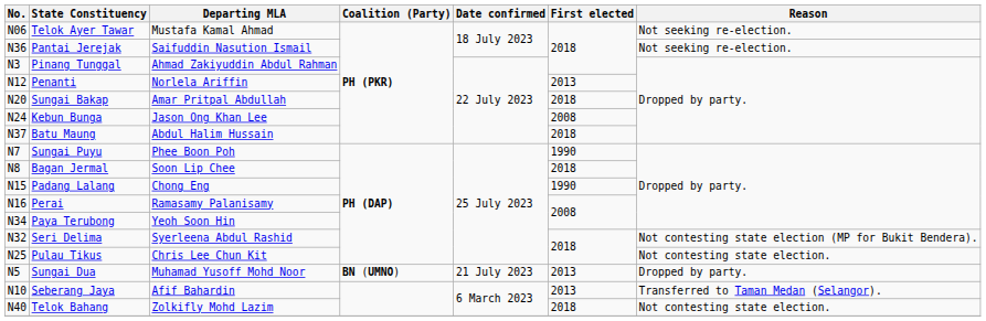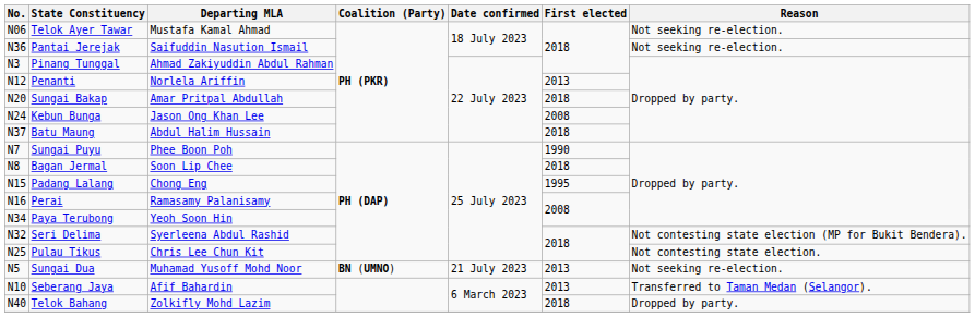 <table class="wikitable">
 <tr>
 <th>No.</th>
 <th>State Constituency</th>
 <th>Departing MLA</th>
 <th>Coalition (Party)</th>
 <th>Date confirmed</th>
 <th>First elected</th>
 <th>Reason</th>
 </tr>
 <tr>
 <td>N06</td>
 <td><a href='#'>Telok Ayer Tawar</a></td>
 <td>Mustafa Kamal Ahmad</td>
 <td rowspan=7><strong>PH (PKR)</strong></td>
 <td rowspan="2">18 July 2023</td>
 <td rowspan=3>2018</td>
 <td>Not seeking re-election.</td>
 </tr>
 <tr>
 <td>N36</td>
 <td><a href='#'>Pantai Jerejak</a></td>
 <td><a href='#'>Saifuddin Nasution Ismail</a></td>
 <td>Not seeking re-election.</td>
 </tr>
 <tr>
 <td>N3</td>
 <td><a href='#'>Pinang Tunggal</a></td>
 <td><a href='#'>Ahmad Zakiyuddin Abdul Rahman</a></td>
 <td rowspan="5">22 July 2023</td>
 <td rowspan="5">Dropped by party.</td>
 </tr>
 <tr>
 <td>N12</td>
 <td><a href='#'>Penanti</a></td>
 <td><a href='#'>Norlela Ariffin</a></td>
 <td>2013</td>
 </tr>
 <tr>
 <td>N20</td>
 <td><a href='#'>Sungai Bakap</a></td>
 <td><a href='#'>Amar Pritpal Abdullah</a></td>
 <td>2018</td>
 </tr>
 <tr>
 <td>N24</td>
 <td><a href='#'>Kebun Bunga</a></td>
 <td><a href='#'>Jason Ong Khan Lee</a></td>
 <td>2008</td>
 </tr>
 <tr>
 <td>N37</td>
 <td><a href='#'>Batu Maung</a></td>
 <td><a href='#'>Abdul Halim Hussain</a></td>
 <td>2018</td>
 </tr>
 <tr>
 <td>N7</td>
 <td><a href='#'>Sungai Puyu</a></td>
 <td><a href='#'>Phee Boon Poh</a></td>
 <td rowspan="7"><strong>PH (DAP)</strong></td>
 <td rowspan="7">25 July 2023</td>
 <td>1990</td>
 <td rowspan="5">Dropped by party.</td>
 </tr>
 <tr>
 <td>N8</td>
 <td><a href='#'>Bagan Jermal</a></td>
 <td><a href='#'>Soon Lip Chee</a></td>
 <td>2018</td>
 </tr>
 <tr>
 <td>N15</td>
 <td><a href='#'>Padang Lalang</a></td>
 <td><a href='#'>Chong Eng</a></td>
-<td>1990</td>
+<td>1995</td>
 </tr>
 <tr>
 <td>N16</td>
 <td><a href='#'>Perai</a></td>
 <td><a href='#'>Ramasamy Palanisamy</a></td>
 <td rowspan=2>2008</td>
 </tr>
 <tr>
 <td>N34</td>
 <td><a href='#'>Paya Terubong</a></td>
 <td><a href='#'>Yeoh Soon Hin</a></td>
 </tr>
 <tr>
 <td>N32</td>
 <td><a href='#'>Seri Delima</a></td>
 <td><a href='#'>Syerleena Abdul Rashid</a></td>
 <td rowspan="2">2018</td>
 <td>Not contesting state election (MP for Bukit Bendera).</td>
 </tr>
 <tr>
 <td>N25</td>
 <td><a href='#'>Pulau Tikus</a></td>
 <td><a href='#'>Chris Lee Chun Kit</a></td>
 <td>Not contesting state election.</td>
 </tr>
 <tr>
 <td>N5</td>
 <td><a href='#'>Sungai Dua</a></td>
 <td><a href='#'>Muhamad Yusoff Mohd Noor</a></td>
 <td><strong>BN</strong> (<strong>UMNO</strong>)</td>
 <td>21 July 2023</td>
 <td>2013</td>
-<td>Dropped by party.</td>
+<td>Not seeking re-election.</td>
 </tr>
 <tr>
 <td>N10</td>
 <td><a href='#'>Seberang Jaya</a></td>
 <td><a href='#'>Afif Bahardin</a></td>
 <td rowspan=2></td>
 <td rowspan=2>6 March 2023</td>
 <td>2013</td>
 <td>Transferred to <a href='#'>Taman Medan</a> (<a href='#'>Selangor</a>).</td>
 </tr>
 <tr>
 <td>N40</td>
 <td><a href='#'>Telok Bahang</a></td>
 <td><a href='#'>Zolkifly Mohd Lazim</a></td>
 <td>2018</td>
-<td>Not contesting state election.</td>
+<td>Dropped by party.</td>
 </tr>
 <tr>
 </tr>
 </table>
